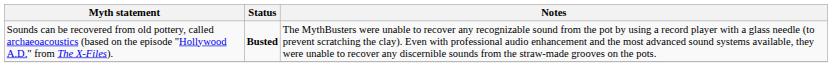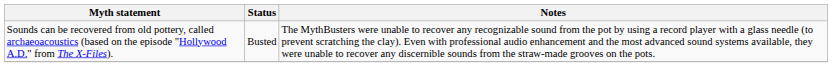 <table class="wikitable plainrowheaders">
 <tr>
 <th>Myth statement</th>
 <th>Status</th>
 <th>Notes</th>
 </tr>
 <tr>
 <td>Sounds can be recovered from old pottery, called <a href='#'>archaeoacoustics</a> (based on the episode "<a href='#'>Hollywood A.D.</a>" from <em><a href='#'>The X-Files</a></em>).</td>
-<td><strong><span>Busted</span></strong></td>
+<td><span>Busted</span></td>
 <td>The MythBusters were unable to recover any recognizable sound from the pot by using a record player with a glass needle (to prevent scratching the clay). Even with professional audio enhancement and the most advanced sound systems available, they were unable to recover any discernible sounds from the straw-made grooves on the pots.</td>
 </tr>
 <tr>
 </tr>
 </table>
